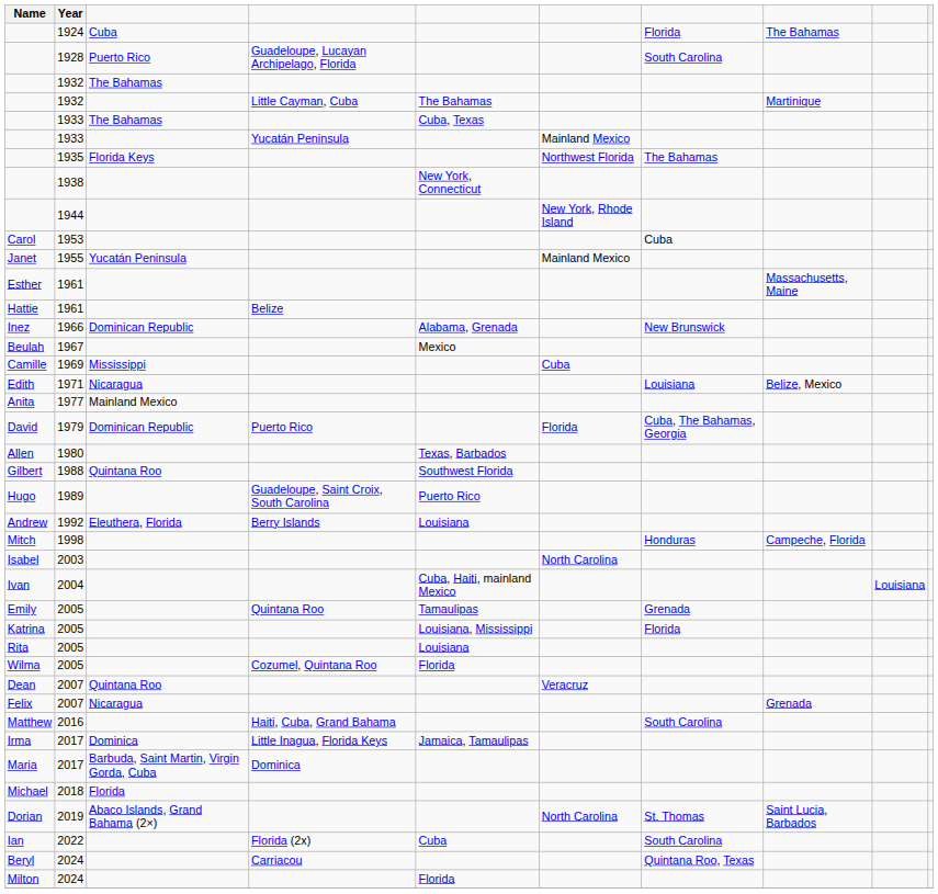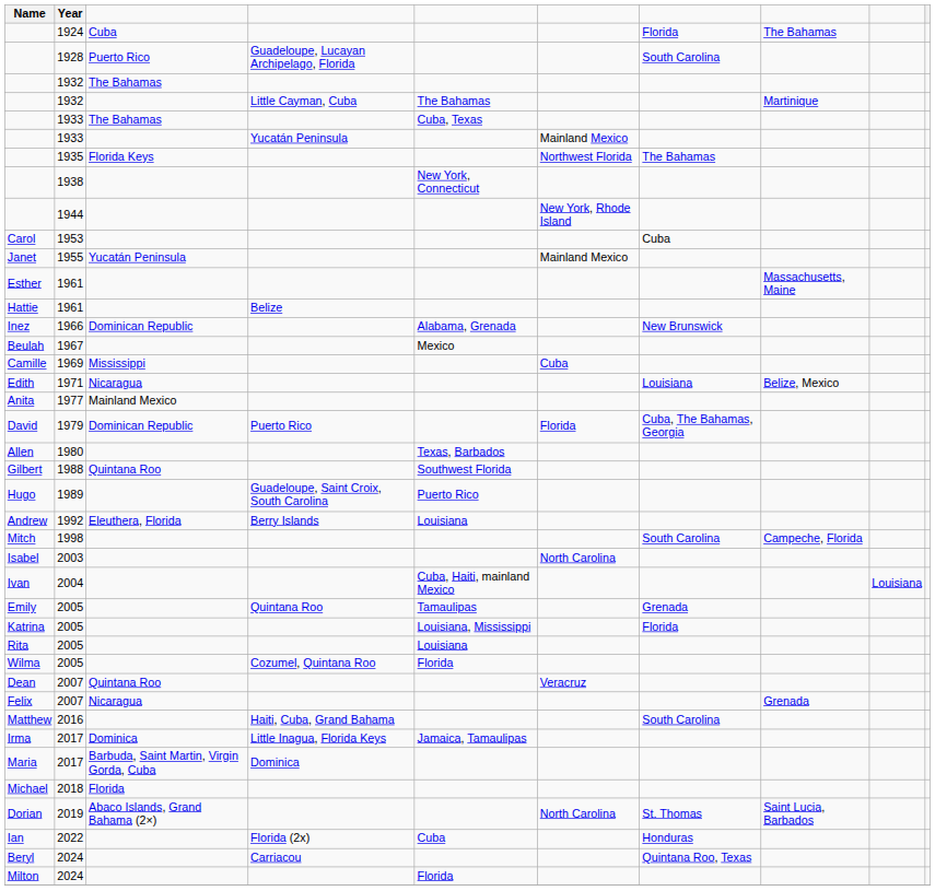 <table class="wikitable sortable" style="margin:1em auto;">
 <tr>
 <th>Name</th>
 <th>Year</th>
 <td></td>
 <td></td>
 <td></td>
 <td></td>
 <td></td>
 <td></td>
 <td></td>
 <th></th>
 </tr>
 <tr>
 <td></td>
 <td>1924</td>
 <td><a href='#'>Cuba</a></td>
 <td></td>
 <td></td>
 <td></td>
 <td><a href='#'>Florida</a></td>
 <td><a href='#'>The Bahamas</a></td>
 <td></td>
 <td></td>
 </tr>
 <tr>
 <td></td>
 <td>1928</td>
 <td><a href='#'>Puerto Rico</a></td>
 <td><a href='#'>Guadeloupe</a>, <a href='#'>Lucayan Archipelago</a>, <a href='#'>Florida</a></td>
 <td></td>
 <td></td>
 <td><a href='#'>South Carolina</a></td>
 <td></td>
 <td></td>
 <td></td>
 </tr>
 <tr>
 <td></td>
 <td>1932</td>
 <td><a href='#'>The Bahamas</a></td>
 <td></td>
 <td></td>
 <td></td>
 <td></td>
 <td></td>
 <td></td>
 <td></td>
 </tr>
 <tr>
 <td></td>
 <td>1932</td>
 <td></td>
 <td><a href='#'>Little Cayman</a>, <a href='#'>Cuba</a></td>
 <td><a href='#'>The Bahamas</a></td>
 <td></td>
 <td></td>
 <td><a href='#'>Martinique</a></td>
 <td></td>
 <td></td>
 </tr>
 <tr>
 <td></td>
 <td>1933</td>
 <td><a href='#'>The Bahamas</a></td>
 <td></td>
 <td><a href='#'>Cuba</a>, <a href='#'>Texas</a></td>
 <td></td>
 <td></td>
 <td></td>
 <td></td>
 <td></td>
 </tr>
 <tr>
 <td></td>
 <td>1933</td>
 <td></td>
 <td><a href='#'>Yucatán Peninsula</a></td>
 <td></td>
 <td>Mainland <a href='#'>Mexico</a></td>
 <td></td>
 <td></td>
 <td></td>
 <td></td>
 </tr>
 <tr>
 <td></td>
 <td>1935</td>
 <td><a href='#'>Florida Keys</a></td>
 <td></td>
 <td></td>
 <td><a href='#'>Northwest Florida</a></td>
 <td><a href='#'>The Bahamas</a></td>
 <td></td>
 <td></td>
 <td></td>
 </tr>
 <tr>
 <td></td>
 <td>1938</td>
 <td></td>
 <td></td>
 <td><a href='#'>New York</a>, <a href='#'>Connecticut</a></td>
 <td></td>
 <td></td>
 <td></td>
 <td></td>
 <td></td>
 </tr>
 <tr>
 <td></td>
 <td>1944</td>
 <td></td>
 <td></td>
 <td></td>
 <td><a href='#'>New York</a>, <a href='#'>Rhode Island</a></td>
 <td></td>
 <td></td>
 <td></td>
 <td></td>
 </tr>
 <tr>
 <td><a href='#'>Carol</a></td>
 <td>1953</td>
 <td></td>
 <td></td>
 <td></td>
 <td></td>
 <td>Cuba</td>
 <td></td>
 <td></td>
 <td></td>
 </tr>
 <tr>
 <td><a href='#'>Janet</a></td>
 <td>1955</td>
 <td><a href='#'>Yucatán Peninsula</a></td>
 <td></td>
 <td></td>
 <td>Mainland Mexico</td>
 <td></td>
 <td></td>
 <td></td>
 <td></td>
 </tr>
 <tr>
 <td><a href='#'>Esther</a></td>
 <td>1961</td>
 <td></td>
 <td></td>
 <td></td>
 <td></td>
 <td></td>
 <td><a href='#'>Massachusetts</a>, <a href='#'>Maine</a></td>
 <td></td>
 <td></td>
 </tr>
 <tr>
 <td><a href='#'>Hattie</a></td>
 <td>1961</td>
 <td></td>
 <td><a href='#'>Belize</a></td>
 <td></td>
 <td></td>
 <td></td>
 <td></td>
 <td></td>
 <td></td>
 </tr>
 <tr>
 <td><a href='#'>Inez</a></td>
 <td>1966</td>
 <td><a href='#'>Dominican Republic</a></td>
 <td></td>
 <td><a href='#'>Alabama</a>, <a href='#'>Grenada</a></td>
 <td></td>
 <td><a href='#'>New Brunswick</a></td>
 <td></td>
 <td></td>
 <td></td>
 </tr>
 <tr>
 <td><a href='#'>Beulah</a></td>
 <td>1967</td>
 <td></td>
 <td></td>
 <td>Mexico</td>
 <td></td>
 <td></td>
 <td></td>
 <td></td>
 <td></td>
 </tr>
 <tr>
 <td><a href='#'>Camille</a></td>
 <td>1969</td>
 <td><a href='#'>Mississippi</a></td>
 <td></td>
 <td></td>
 <td><a href='#'>Cuba</a></td>
 <td></td>
 <td></td>
 <td></td>
 <td></td>
 </tr>
 <tr>
 <td><a href='#'>Edith</a></td>
 <td>1971</td>
 <td><a href='#'>Nicaragua</a></td>
 <td></td>
 <td></td>
 <td></td>
 <td><a href='#'>Louisiana</a></td>
 <td><a href='#'>Belize</a>, Mexico</td>
 <td></td>
 <td></td>
 </tr>
 <tr>
 <td><a href='#'>Anita</a></td>
 <td>1977</td>
 <td>Mainland Mexico</td>
 <td></td>
 <td></td>
 <td></td>
 <td></td>
 <td></td>
 <td></td>
 <td></td>
 </tr>
 <tr>
 <td><a href='#'>David</a></td>
 <td>1979</td>
 <td><a href='#'>Dominican Republic</a></td>
 <td><a href='#'>Puerto Rico</a></td>
 <td></td>
 <td><a href='#'>Florida</a></td>
 <td><a href='#'>Cuba</a>, <a href='#'>The Bahamas</a>, <a href='#'>Georgia</a></td>
 <td></td>
 <td></td>
 <td></td>
 </tr>
 <tr>
 <td><a href='#'>Allen</a></td>
 <td>1980</td>
 <td></td>
 <td></td>
 <td><a href='#'>Texas</a>, <a href='#'>Barbados</a></td>
 <td></td>
 <td></td>
 <td></td>
 <td></td>
 <td></td>
 </tr>
 <tr>
 <td><a href='#'>Gilbert</a></td>
 <td>1988</td>
 <td><a href='#'>Quintana Roo</a></td>
 <td></td>
 <td><a href='#'>Southwest Florida</a></td>
 <td></td>
 <td></td>
 <td></td>
 <td></td>
 <td></td>
 </tr>
 <tr>
 <td><a href='#'>Hugo</a></td>
 <td>1989</td>
 <td></td>
 <td><a href='#'>Guadeloupe</a>, <a href='#'>Saint Croix</a>, <a href='#'>South Carolina</a></td>
 <td><a href='#'>Puerto Rico</a></td>
 <td></td>
 <td></td>
 <td></td>
 <td></td>
 <td></td>
 </tr>
 <tr>
 <td><a href='#'>Andrew</a></td>
 <td>1992</td>
 <td><a href='#'>Eleuthera</a>, <a href='#'>Florida</a></td>
 <td><a href='#'>Berry Islands</a></td>
 <td><a href='#'>Louisiana</a></td>
 <td></td>
 <td></td>
 <td></td>
 <td></td>
 <td></td>
 </tr>
 <tr>
 <td><a href='#'>Mitch</a></td>
 <td>1998</td>
 <td></td>
 <td></td>
 <td></td>
 <td></td>
-<td><a href='#'>Honduras</a></td>
+<td><a href='#'>South Carolina</a></td>
 <td><a href='#'>Campeche</a>, <a href='#'>Florida</a></td>
 <td></td>
 <td></td>
 </tr>
 <tr>
 <td><a href='#'>Isabel</a></td>
 <td>2003</td>
 <td></td>
 <td></td>
 <td></td>
 <td><a href='#'>North Carolina</a></td>
 <td></td>
 <td></td>
 <td></td>
 <td></td>
 </tr>
 <tr>
 <td><a href='#'>Ivan</a></td>
 <td>2004</td>
 <td></td>
 <td></td>
 <td><a href='#'>Cuba</a>, <a href='#'>Haiti</a>, mainland <a href='#'>Mexico</a></td>
 <td></td>
 <td></td>
 <td></td>
 <td><a href='#'>Louisiana</a></td>
 <td></td>
 </tr>
 <tr>
 <td><a href='#'>Emily</a></td>
 <td>2005</td>
 <td></td>
 <td><a href='#'>Quintana Roo</a></td>
 <td><a href='#'>Tamaulipas</a></td>
 <td></td>
 <td><a href='#'>Grenada</a></td>
 <td></td>
 <td></td>
 <td></td>
 </tr>
 <tr>
 <td><a href='#'>Katrina</a></td>
 <td>2005</td>
 <td></td>
 <td></td>
 <td><a href='#'>Louisiana</a>, <a href='#'>Mississippi</a></td>
 <td></td>
 <td><a href='#'>Florida</a></td>
 <td></td>
 <td></td>
 <td></td>
 </tr>
 <tr>
 <td><a href='#'>Rita</a></td>
 <td>2005</td>
 <td></td>
 <td></td>
 <td><a href='#'>Louisiana</a></td>
 <td></td>
 <td></td>
 <td></td>
 <td></td>
 <td></td>
 </tr>
 <tr>
 <td><a href='#'>Wilma</a></td>
 <td>2005</td>
 <td></td>
 <td><a href='#'>Cozumel</a>, <a href='#'>Quintana Roo</a></td>
 <td><a href='#'>Florida</a></td>
 <td></td>
 <td></td>
 <td></td>
 <td></td>
 <td></td>
 </tr>
 <tr>
 <td><a href='#'>Dean</a></td>
 <td>2007</td>
 <td><a href='#'>Quintana Roo</a></td>
 <td></td>
 <td></td>
 <td><a href='#'>Veracruz</a></td>
 <td></td>
 <td></td>
 <td></td>
 <td></td>
 </tr>
 <tr>
 <td><a href='#'>Felix</a></td>
 <td>2007</td>
 <td><a href='#'>Nicaragua</a></td>
 <td></td>
 <td></td>
 <td></td>
 <td></td>
 <td><a href='#'>Grenada</a></td>
 <td></td>
 <td></td>
 </tr>
 <tr>
 <td><a href='#'>Matthew</a></td>
 <td>2016</td>
 <td></td>
 <td><a href='#'>Haiti</a>, <a href='#'>Cuba</a>, <a href='#'>Grand Bahama</a></td>
 <td></td>
 <td></td>
 <td><a href='#'>South Carolina</a></td>
 <td></td>
 <td></td>
 <td></td>
 </tr>
 <tr>
 <td><a href='#'>Irma</a></td>
 <td>2017</td>
 <td><a href='#'>Dominica</a></td>
 <td><a href='#'>Little Inagua</a>, <a href='#'>Florida Keys</a></td>
 <td><a href='#'>Jamaica</a>, <a href='#'>Tamaulipas</a></td>
 <td></td>
 <td></td>
 <td></td>
 <td></td>
 <td></td>
 </tr>
 <tr>
 <td><a href='#'>Maria</a></td>
 <td>2017</td>
 <td><a href='#'>Barbuda</a>, <a href='#'>Saint Martin</a>, <a href='#'>Virgin Gorda</a>, <a href='#'>Cuba</a></td>
 <td><a href='#'>Dominica</a></td>
 <td></td>
 <td></td>
 <td></td>
 <td></td>
 <td></td>
 <td></td>
 </tr>
 <tr>
 <td><a href='#'>Michael</a></td>
 <td>2018</td>
 <td><a href='#'>Florida</a></td>
 <td></td>
 <td></td>
 <td></td>
 <td></td>
 <td></td>
 <td></td>
 <td></td>
 </tr>
 <tr>
 <td><a href='#'>Dorian</a></td>
 <td>2019</td>
 <td><a href='#'>Abaco Islands</a>, <a href='#'>Grand Bahama</a> (2×)</td>
 <td></td>
 <td></td>
 <td><a href='#'>North Carolina</a></td>
 <td><a href='#'>St. Thomas</a> </td>
 <td><a href='#'>Saint Lucia</a>, <a href='#'>Barbados</a></td>
 <td></td>
 <td></td>
 </tr>
 <tr>
 <td><a href='#'>Ian</a></td>
 <td>2022</td>
 <td></td>
 <td><a href='#'>Florida</a> (2x)</td>
 <td><a href='#'>Cuba</a></td>
 <td></td>
-<td><a href='#'>South Carolina</a></td>
+<td><a href='#'>Honduras</a></td>
 <td></td>
 <td></td>
 <td></td>
 </tr>
 <tr>
 <td><a href='#'>Beryl</a></td>
 <td>2024</td>
 <td></td>
 <td><a href='#'>Carriacou</a></td>
 <td></td>
 <td></td>
 <td><a href='#'>Quintana Roo</a>, <a href='#'>Texas</a></td>
 <td></td>
 <td></td>
 <td></td>
 </tr>
 <tr>
 <td><a href='#'>Milton</a></td>
 <td>2024</td>
 <td></td>
 <td></td>
 <td><a href='#'>Florida</a></td>
 <td></td>
 <td></td>
 <td></td>
 <td></td>
 <td></td>
 </tr>
 <tr>
 </tr>
 </table>
